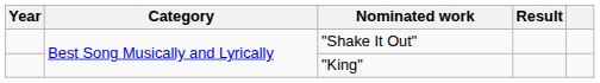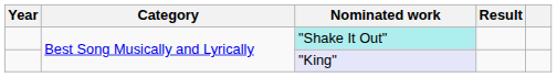 <table class="wikitable plainrowheaders" style="width:70%;">
 <tr>
 <th scope="col" style="width:4%;">Year</th>
 <th scope="col" style="width:50%;">Category</th>
 <th scope="col" style="width:35%;">Nominated work</th>
 <th scope="col" style="width:6%;">Result</th>
 <th scope="col" style="width:6%;"></th>
 </tr>
 <tr>
 <td></td>
 <td rowspan="2"><a href='#'>Best Song Musically and Lyrically</a></td>
-<td>"Shake It Out"</td>
+<td style="background: paleturquoise;">"Shake It Out"</td>
 <td></td>
 <td></td>
 </tr>
 <tr>
 <td></td>
-<td>"King"</td>
+<td style="background: lavender;">"King"</td>
 <td></td>
 <td></td>
 </tr>
 </table>
